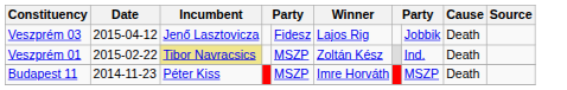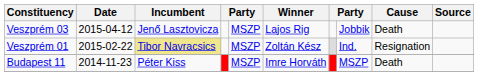 <table class="wikitable">
 <tr>
 <th>Constituency</th>
 <th>Date</th>
 <th>Incumbent</th>
 <th colspan=2>Party</th>
 <th>Winner</th>
 <th colspan=2>Party</th>
 <th>Cause</th>
 <th>Source</th>
 </tr>
 <tr>
 <td><a href='#'>Veszprém 03</a></td>
 <td>2015-04-12</td>
 <td><a href='#'>Jenő Lasztovicza</a></td>
 <td style="background-color:"> </td>
-<td><a href='#'>Fidesz</a></td>
+<td><a href='#'>MSZP</a></td>
 <td><a href='#'>Lajos Rig</a></td>
 <td style="background-color:"> </td>
 <td><a href='#'>Jobbik</a></td>
 <td>Death</td>
 <td></td>
 </tr>
 <tr>
 <td><a href='#'>Veszprém 01</a></td>
 <td>2015-02-22</td>
 <td style="background: khaki;"><a href='#'>Tibor Navracsics</a></td>
 <td style="background-color:"> </td>
 <td><a href='#'>MSZP</a></td>
 <td><a href='#'>Zoltán Kész</a></td>
 <td style="background-color:#DDDDDD"> </td>
 <td><a href='#'>Ind.</a></td>
-<td>Death</td>
+<td>Resignation</td>
 <td></td>
 </tr>
 <tr>
 </tr>
 <tr>
 <td><a href='#'>Budapest 11</a></td>
 <td>2014-11-23</td>
 <td><a href='#'>Péter Kiss</a></td>
 <td style="background-color:red"> </td>
 <td><a href='#'>MSZP</a></td>
 <td><a href='#'>Imre Horváth</a></td>
 <td style="background-color:red"> </td>
 <td><a href='#'>MSZP</a></td>
 <td>Death</td>
 <td></td>
 </tr>
 <tr>
 </tr>
 </table>
